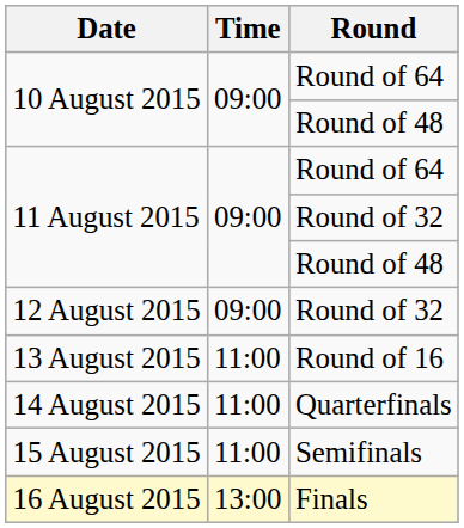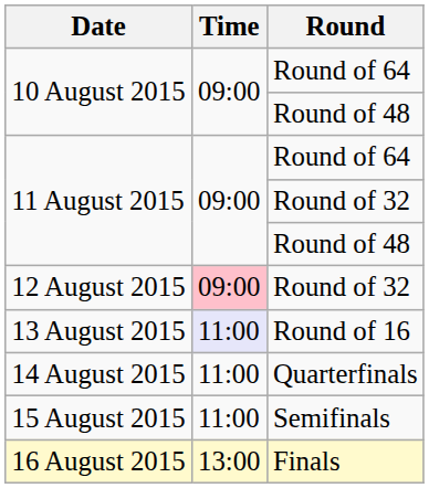 <table class="wikitable">
 <tr>
 <th>Date</th>
 <th>Time</th>
 <th>Round</th>
 </tr>
 <tr>
 <td rowspan=2>10 August 2015</td>
 <td rowspan=2>09:00</td>
 <td>Round of 64</td>
 </tr>
 <tr>
 <td>Round of 48</td>
 </tr>
 <tr>
 <td rowspan=3>11 August 2015</td>
 <td rowspan=3>09:00</td>
 <td>Round of 64</td>
 </tr>
 <tr>
 <td>Round of 32</td>
 </tr>
 <tr>
 <td>Round of 48</td>
 </tr>
 <tr>
 <td>12 August 2015</td>
-<td>09:00</td>
+<td style="background: pink;">09:00</td>
 <td>Round of 32</td>
 </tr>
 <tr>
 <td>13 August 2015</td>
-<td>11:00</td>
+<td style="background: lavender;">11:00</td>
 <td>Round of 16</td>
 </tr>
 <tr>
 <td>14 August 2015</td>
 <td>11:00</td>
 <td>Quarterfinals</td>
 </tr>
 <tr>
 <td>15 August 2015</td>
 <td>11:00</td>
 <td>Semifinals</td>
 </tr>
 <tr bgcolor=lemonchiffon>
 <td>16 August 2015</td>
 <td>13:00</td>
 <td>Finals</td>
 </tr>
 </table>
